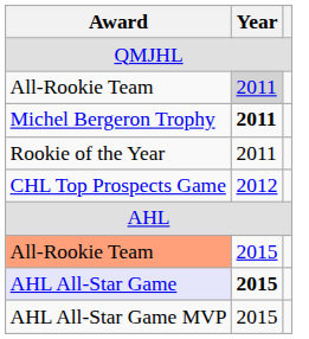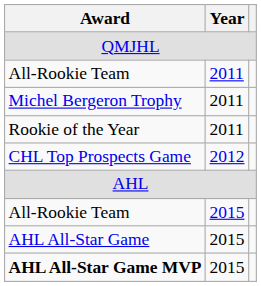 <table class="wikitable">
 <tr>
 <th>Award</th>
 <th>Year</th>
 <th></th>
 </tr>
 <tr ALIGN="center" bgcolor="#e0e0e0">
 <td colspan="3"><a href='#'>QMJHL</a></td>
 </tr>
 <tr>
 <td>All-Rookie Team</td>
-<td style="background: lightgrey;"><a href='#'>2011</a></td>
+<td><a href='#'>2011</a></td>
 <td></td>
 </tr>
 <tr>
 <td><a href='#'>Michel Bergeron Trophy</a></td>
-<td><strong>2011</strong></td>
+<td>2011</td>
 <td></td>
 </tr>
 <tr>
 <td>Rookie of the Year</td>
 <td>2011</td>
 <td></td>
 </tr>
 <tr>
 <td><a href='#'>CHL Top Prospects Game</a></td>
 <td><a href='#'>2012</a></td>
 <td></td>
 </tr>
 <tr ALIGN="center" bgcolor="#e0e0e0">
 <td colspan="3"><a href='#'>AHL</a></td>
 </tr>
 <tr>
-<td style="background: lightsalmon;">All-Rookie Team</td>
+<td>All-Rookie Team</td>
 <td><a href='#'>2015</a></td>
 <td></td>
 </tr>
 <tr>
-<td style="background: lavender;"><a href='#'>AHL All-Star Game</a></td>
-<td><strong>2015</strong></td>
+<td><a href='#'>AHL All-Star Game</a></td>
+<td>2015</td>
 <td></td>
 </tr>
 <tr>
-<td>AHL All-Star Game MVP</td>
+<td><strong>AHL All-Star Game MVP</strong></td>
 <td>2015</td>
 <td></td>
 </tr>
 </table>
